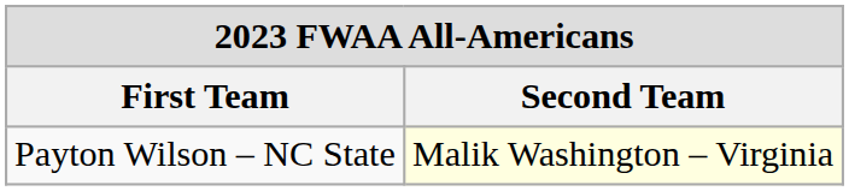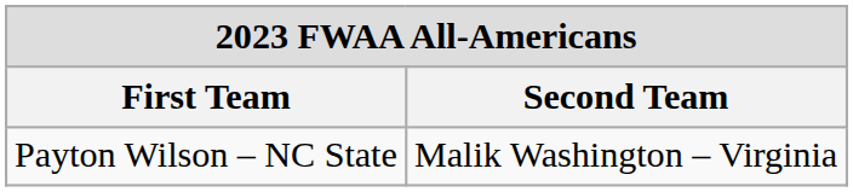 <table class="wikitable" style="white-space:nowrap; text-align:center; font-size:90%;">
 <tr>
 <td colspan="7" style="text-align:center; background:#ddd;"><strong>2023 FWAA All-Americans</strong></td>
 </tr>
 <tr>
 <th>First Team</th>
 <th>Second Team</th>
 </tr>
 <tr>
 <td>Payton Wilson – NC State</td>
-<td style="background: lightyellow;">Malik Washington – Virginia</td>
+<td>Malik Washington – Virginia</td>
 </tr>
 </table>
